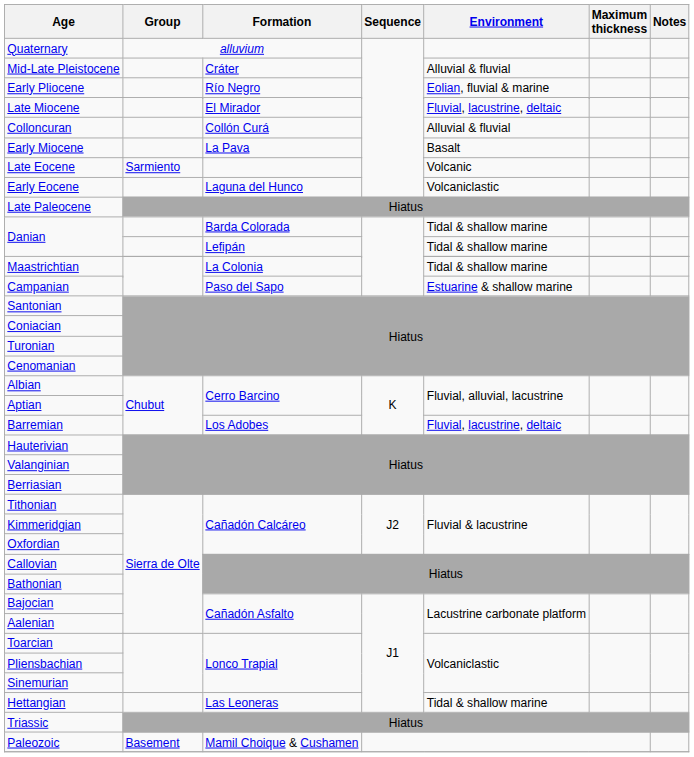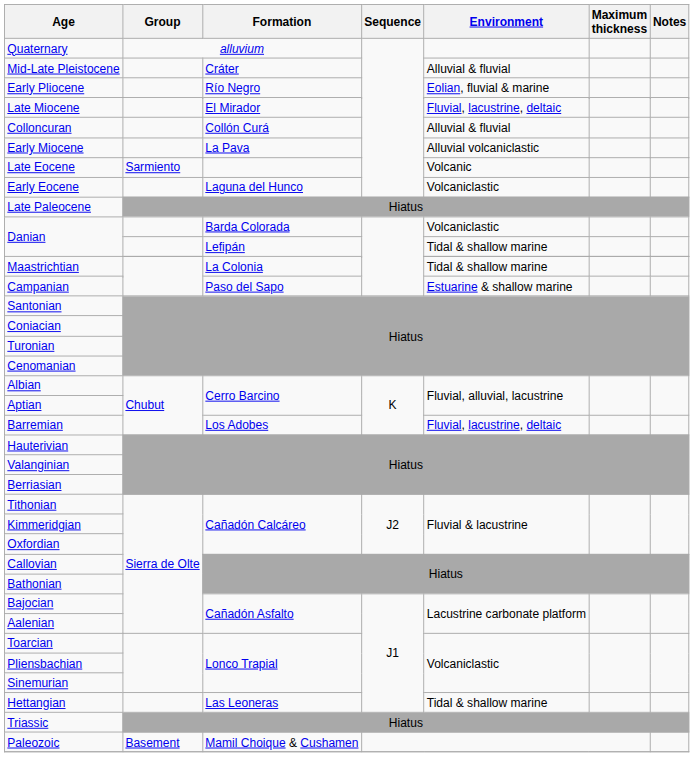 <table class="wikitable" style="font-size:80%">
 <tr>
 <th>Age</th>
 <th>Group</th>
 <th>Formation</th>
 <th>Sequence</th>
 <th><a href='#'>Environment</a></th>
 <th>Maximum<br>thickness</th>
 <th>Notes</th>
 </tr>
 <tr>
 <td style="background-color: "><a href='#'>Quaternary</a></td>
 <td colspan=2 align=center><em><a href='#'>alluvium</a></em></td>
 <td rowspan=10></td>
 <td></td>
 <td></td>
 <td align=center></td>
 </tr>
 <tr>
 <td style="background-color: "><a href='#'>Mid-Late Pleistocene</a></td>
 <td></td>
 <td><a href='#'>Cráter</a></td>
 <td>Alluvial & fluvial</td>
 <td align=center></td>
 <td align=center></td>
 </tr>
 <tr>
 <td style="background-color: "><a href='#'>Early Pliocene</a></td>
 <td rowspan=2></td>
 <td rowspan=2><a href='#'>Río Negro</a></td>
 <td rowspan=2><a href='#'>Eolian</a>, fluvial & marine</td>
 <td rowspan=2></td>
 <td align=center rowspan=2></td>
 </tr>
 <tr>
 <td rowspan=2 style="background-color: "><a href='#'>Late Miocene</a></td>
 </tr>
 <tr>
 <td></td>
 <td><a href='#'>El Mirador</a></td>
 <td><a href='#'>Fluvial</a>, <a href='#'>lacustrine</a>, <a href='#'>deltaic</a></td>
 <td></td>
 <td align=center></td>
 </tr>
 <tr>
 <td style="background-color: "><a href='#'>Colloncuran</a></td>
 <td></td>
 <td><a href='#'>Collón Curá</a></td>
 <td>Alluvial & fluvial</td>
 <td align=center></td>
 <td align=center></td>
 </tr>
 <tr>
 <td rowspan=2 style="background-color: "><a href='#'>Early Miocene</a></td>
 <td></td>
 <td><a href='#'>La Pava</a></td>
-<td>Basalt</td>
+<td>Alluvial volcaniclastic</td>
 <td align=center></td>
 <td align=center></td>
 </tr>
 <tr>
 <td rowspan=2><a href='#'>Sarmiento</a></td>
 <td rowspan=2></td>
 <td rowspan=2>Volcanic</td>
 <td rowspan=2></td>
 <td rowspan=2 align=center></td>
 </tr>
 <tr>
 <td style="background-color: "><a href='#'>Late Eocene</a></td>
 </tr>
 <tr>
 <td style="background-color: "><a href='#'>Early Eocene</a></td>
 <td></td>
 <td><a href='#'>Laguna del Hunco</a></td>
 <td>Volcaniclastic</td>
 <td></td>
 <td align=center></td>
 </tr>
 <tr>
 <td style="background-color: "><a href='#'>Late Paleocene</a></td>
 <td colspan=6 align=center style="background-color: darkgrey;">Hiatus</td>
 </tr>
 <tr>
 <td rowspan=2 style="background-color: "><a href='#'>Danian</a></td>
 <td></td>
 <td><a href='#'>Barda Colorada</a></td>
 <td rowspan=6></td>
-<td>Tidal & shallow marine</td>
+<td>Volcaniclastic</td>
 <td></td>
 <td align=center></td>
 </tr>
 <tr>
 <td></td>
 <td rowspan=2><a href='#'>Lefipán</a></td>
 <td>Tidal & shallow marine</td>
 <td align=center></td>
 <td align=center></td>
 </tr>
 <tr>
 <td rowspan=3 style="background-color: "><a href='#'>Maastrichtian</a></td>
 </tr>
 <tr>
 <td rowspan=3></td>
 <td><a href='#'>La Colonia</a></td>
 <td>Tidal & shallow marine</td>
 <td align=center></td>
 <td align=center></td>
 </tr>
 <tr>
 <td rowspan=2><a href='#'>Paso del Sapo</a></td>
 <td rowspan=2><a href='#'>Estuarine</a> & shallow marine</td>
 <td align=center rowspan=2></td>
 <td align=center rowspan=2></td>
 </tr>
 <tr>
 <td style="background-color: "><a href='#'>Campanian</a></td>
 </tr>
 <tr>
 <td style="background-color: "><a href='#'>Santonian</a></td>
 <td rowspan=4 colspan=6 align=center style="background-color: darkgrey;">Hiatus</td>
 </tr>
 <tr>
 <td style="background-color: "><a href='#'>Coniacian</a></td>
 </tr>
 <tr>
 <td style="background-color: "><a href='#'>Turonian</a></td>
 </tr>
 <tr>
 <td style="background-color: "><a href='#'>Cenomanian</a></td>
 </tr>
 <tr>
 <td style="background-color: "><a href='#'>Albian</a></td>
 <td rowspan=3><a href='#'>Chubut</a></td>
 <td rowspan=2><a href='#'>Cerro Barcino</a></td>
 <td rowspan=3 align=center>K</td>
 <td rowspan=2>Fluvial, alluvial, lacustrine</td>
 <td align=center rowspan=2></td>
 <td align=center rowspan=2></td>
 </tr>
 <tr>
 <td style="background-color: "><a href='#'>Aptian</a></td>
 </tr>
 <tr>
 <td style="background-color: "><a href='#'>Barremian</a></td>
 <td><a href='#'>Los Adobes</a></td>
 <td><a href='#'>Fluvial</a>, <a href='#'>lacustrine</a>, <a href='#'>deltaic</a></td>
 <td align=center></td>
 <td align=center></td>
 </tr>
 <tr>
 <td style="background-color: "><a href='#'>Hauterivian</a></td>
 <td rowspan=3 colspan=6 align=center style="background-color: darkgrey;">Hiatus</td>
 </tr>
 <tr>
 <td style="background-color: "><a href='#'>Valanginian</a></td>
 </tr>
 <tr>
 <td style="background-color: "><a href='#'>Berriasian</a></td>
 </tr>
 <tr>
 <td style="background-color: "><a href='#'>Tithonian</a></td>
 <td rowspan=8><a href='#'>Sierra de Olte</a></td>
 <td rowspan=3><a href='#'>Cañadón Calcáreo</a></td>
 <td rowspan=3 align=center>J2</td>
 <td rowspan=3>Fluvial & lacustrine</td>
 <td align=center rowspan=3></td>
 <td align=center rowspan=3></td>
 </tr>
 <tr>
 <td style="background-color: "><a href='#'>Kimmeridgian</a></td>
 </tr>
 <tr>
 <td style="background-color: "><a href='#'>Oxfordian</a></td>
 </tr>
 <tr>
 <td style="background-color: "><a href='#'>Callovian</a></td>
 <td rowspan=2 colspan=6 align=center style="background-color: darkgrey;">Hiatus</td>
 </tr>
 <tr>
 <td style="background-color: "><a href='#'>Bathonian</a></td>
 </tr>
 <tr>
 <td style="background-color: "><a href='#'>Bajocian</a></td>
 <td rowspan=3><a href='#'>Cañadón Asfalto</a></td>
 <td rowspan=7 align=center>J1</td>
 <td rowspan=3>Lacustrine carbonate platform</td>
 <td align=center rowspan=3></td>
 <td align=center rowspan=3></td>
 </tr>
 <tr>
 <td style="background-color: "><a href='#'>Aalenian</a></td>
 </tr>
 <tr>
 <td rowspan=2 style="background-color: "><a href='#'>Toarcian</a></td>
 </tr>
 <tr>
 <td rowspan=3></td>
 <td rowspan=3><a href='#'>Lonco Trapial</a></td>
 <td rowspan=3>Volcaniclastic</td>
 <td align=center rowspan=3></td>
 <td align=center rowspan=3></td>
 </tr>
 <tr>
 <td style="background-color: "><a href='#'>Pliensbachian</a></td>
 </tr>
 <tr>
 <td style="background-color: "><a href='#'>Sinemurian</a></td>
 </tr>
 <tr>
 <td style="background-color: "><a href='#'>Hettangian</a></td>
 <td></td>
 <td><a href='#'>Las Leoneras</a></td>
 <td>Tidal & shallow marine</td>
 <td align=center></td>
 <td align=center></td>
 </tr>
 <tr>
 <td style="background-color: "><a href='#'>Triassic</a></td>
 <td colspan=6 align=center style="background-color: darkgrey;">Hiatus</td>
 </tr>
 <tr>
 <td style="background-color: "><a href='#'>Paleozoic</a></td>
 <td><a href='#'>Basement</a></td>
 <td><a href='#'>Mamil Choique</a> & <a href='#'>Cushamen</a></td>
 <td colspan=3></td>
 <td align=center></td>
 </tr>
 <tr>
 </tr>
 </table>
